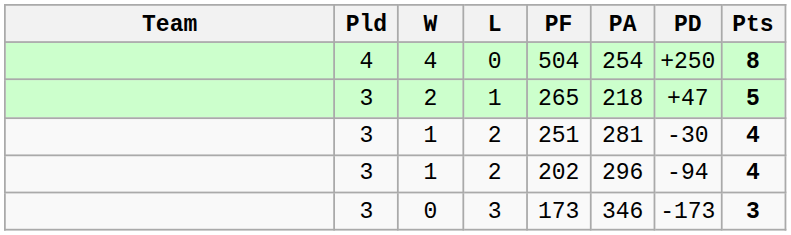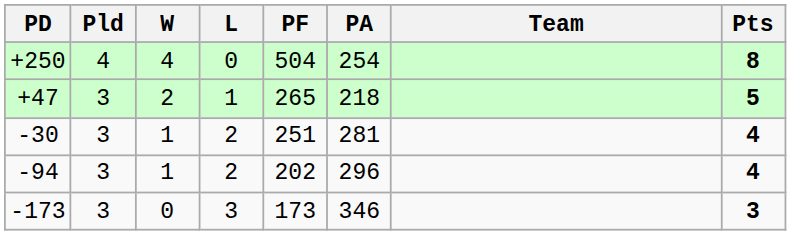 <table class=wikitable style="text-align:center">
 <tr>
-<th width=180>Team</th>
+<th width=30>PD</th>
 <th width=30>Pld</th>
 <th width=30>W</th>
 <th width=30>L</th>
 <th width=30>PF</th>
 <th width=30>PA</th>
-<th width=30>PD</th>
+<th width=180>Team</th>
 <th width=30>Pts</th>
 </tr>
 <tr bgcolor="#ccffcc">
-<td align="left"></td>
+<td>+250</td>
 <td>4</td>
 <td>4</td>
 <td>0</td>
 <td>504</td>
 <td>254</td>
-<td>+250</td>
+<td align="left"></td>
 <td><strong>8</strong></td>
 </tr>
 <tr bgcolor="#ccffcc">
-<td align="left"></td>
+<td>+47</td>
 <td>3</td>
 <td>2</td>
 <td>1</td>
 <td>265</td>
 <td>218</td>
-<td>+47</td>
+<td align="left"></td>
 <td><strong>5</strong></td>
 </tr>
 <tr>
-<td align="left"></td>
+<td>-30</td>
 <td>3</td>
 <td>1</td>
 <td>2</td>
 <td>251</td>
 <td>281</td>
-<td>-30</td>
+<td align="left"></td>
 <td><strong>4</strong></td>
 </tr>
 <tr>
-<td align="left"></td>
+<td>-94</td>
 <td>3</td>
 <td>1</td>
 <td>2</td>
 <td>202</td>
 <td>296</td>
-<td>-94</td>
+<td align="left"></td>
 <td><strong>4</strong></td>
 </tr>
 <tr>
-<td align="left"></td>
+<td>-173</td>
 <td>3</td>
 <td>0</td>
 <td>3</td>
 <td>173</td>
 <td>346</td>
-<td>-173</td>
+<td align="left"></td>
 <td><strong>3</strong></td>
 </tr>
 </table>
